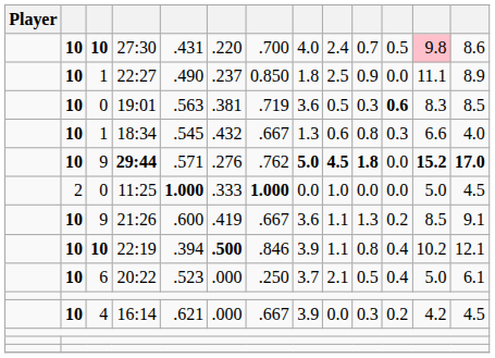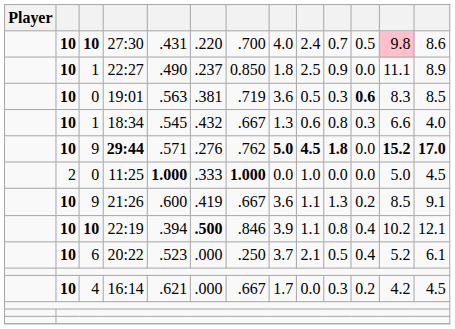 <table class="wikitable sortable" style="font-size:95%; text-align:right;">
 <tr>
 <th>Player</th>
 <th></th>
 <th></th>
 <th></th>
 <th></th>
 <th></th>
 <th></th>
 <th></th>
 <th></th>
 <th></th>
 <th></th>
 <th></th>
 <th></th>
 </tr>
 <tr>
 <td><strong></strong></td>
 <td><strong>10</strong></td>
 <td><strong>10</strong></td>
 <td>27:30</td>
 <td>.431</td>
 <td>.220</td>
 <td>.700</td>
 <td>4.0</td>
 <td>2.4</td>
 <td>0.7</td>
 <td>0.5</td>
 <td style="background: pink;">9.8</td>
 <td>8.6</td>
 </tr>
 <tr>
 <td><strong></strong></td>
 <td><strong>10</strong></td>
 <td>1</td>
 <td>22:27</td>
 <td>.490</td>
 <td>.237</td>
 <td>0.850</td>
 <td>1.8</td>
 <td>2.5</td>
 <td>0.9</td>
 <td>0.0</td>
 <td>11.1</td>
 <td>8.9</td>
 </tr>
 <tr>
 <td><strong></strong></td>
 <td><strong>10</strong></td>
 <td>0</td>
 <td>19:01</td>
 <td>.563</td>
 <td>.381</td>
 <td>.719</td>
 <td>3.6</td>
 <td>0.5</td>
 <td>0.3</td>
 <td><strong>0.6</strong></td>
 <td>8.3</td>
 <td>8.5</td>
 </tr>
 <tr>
 <td><strong></strong></td>
 <td><strong>10</strong></td>
 <td>1</td>
 <td>18:34</td>
 <td>.545</td>
 <td>.432</td>
 <td>.667</td>
 <td>1.3</td>
 <td>0.6</td>
 <td>0.8</td>
 <td>0.3</td>
 <td>6.6</td>
 <td>4.0</td>
 </tr>
 <tr>
 <td><strong></strong></td>
 <td><strong>10</strong></td>
 <td>9</td>
 <td><strong>29:44</strong></td>
 <td>.571</td>
 <td>.276</td>
 <td>.762</td>
 <td><strong>5.0</strong></td>
 <td><strong>4.5</strong></td>
 <td><strong>1.8</strong></td>
 <td>0.0</td>
 <td><strong>15.2</strong></td>
 <td><strong>17.0</strong></td>
 </tr>
 <tr>
 <td><strong></strong></td>
 <td>2</td>
 <td>0</td>
 <td>11:25</td>
 <td><strong>1.000</strong></td>
 <td>.333</td>
 <td><strong>1.000</strong></td>
 <td>0.0</td>
 <td>1.0</td>
 <td>0.0</td>
 <td>0.0</td>
 <td>5.0</td>
 <td>4.5</td>
 </tr>
 <tr>
 <td><strong></strong></td>
 <td><strong>10</strong></td>
 <td>9</td>
 <td>21:26</td>
 <td>.600</td>
 <td>.419</td>
 <td>.667</td>
 <td>3.6</td>
 <td>1.1</td>
 <td>1.3</td>
 <td>0.2</td>
 <td>8.5</td>
 <td>9.1</td>
 </tr>
 <tr>
 <td><strong></strong></td>
 <td><strong>10</strong></td>
 <td><strong>10</strong></td>
 <td>22:19</td>
 <td>.394</td>
 <td><strong>.500</strong></td>
 <td>.846</td>
 <td>3.9</td>
 <td>1.1</td>
 <td>0.8</td>
 <td>0.4</td>
 <td>10.2</td>
 <td>12.1</td>
 </tr>
 <tr>
 <td><strong></strong></td>
 <td><strong>10</strong></td>
 <td>6</td>
 <td>20:22</td>
 <td>.523</td>
 <td>.000</td>
 <td>.250</td>
 <td>3.7</td>
 <td>2.1</td>
 <td>0.5</td>
 <td>0.4</td>
-<td>5.0</td>
+<td>5.2</td>
 <td>6.1</td>
 </tr>
 <tr>
 <td><strong></strong></td>
 <td colspan=12 data-sort-value="-50"></td>
 </tr>
 <tr>
 <td><strong></strong></td>
 <td><strong>10</strong></td>
 <td>4</td>
 <td>16:14</td>
 <td>.621</td>
 <td>.000</td>
 <td>.667</td>
-<td>3.9</td>
+<td>1.7</td>
 <td>0.0</td>
 <td>0.3</td>
 <td>0.2</td>
 <td>4.2</td>
 <td>4.5</td>
 </tr>
 <tr class="sortbottom">
 <td colspan=13></td>
 </tr>
 <tr>
 <td><em></em></td>
 <td colspan=12 data-sort-value="-50"></td>
 </tr>
 <tr>
 <td><em></em></td>
 <td colspan=12 data-sort-value="-50"></td>
 </tr>
 <tr>
 </tr>
 </table>
